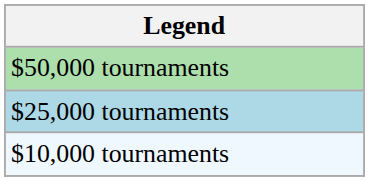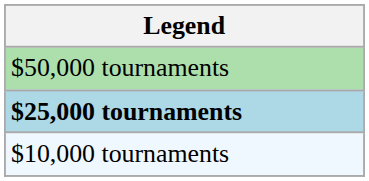 <table class="wikitable" style="font-size:85%;" width=15%>
 <tr>
 <th>Legend</th>
 </tr>
 <tr bgcolor="#ADDFAD">
 <td>$50,000 tournaments</td>
 </tr>
 <tr bgcolor="lightblue">
-<td>$25,000 tournaments</td>
+<td><strong>$25,000 tournaments</strong></td>
 </tr>
 <tr style="background:#f0f8ff;">
 <td>$10,000 tournaments</td>
 </tr>
 </table>
